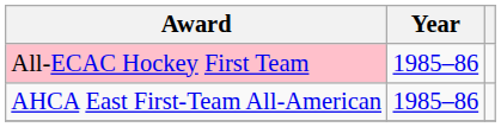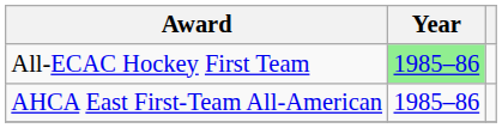 <table class="wikitable">
 <tr>
 <th>Award</th>
 <th>Year</th>
 <th></th>
 </tr>
 <tr>
-<td style="background: pink;">All-<a href='#'>ECAC Hockey</a> <a href='#'>First Team</a></td>
-<td><a href='#'>1985–86</a></td>
+<td>All-<a href='#'>ECAC Hockey</a> <a href='#'>First Team</a></td>
+<td style="background: lightgreen;"><a href='#'>1985–86</a></td>
 <td></td>
 </tr>
 <tr>
 <td><a href='#'>AHCA</a> <a href='#'>East First-Team All-American</a></td>
 <td><a href='#'>1985–86</a></td>
 <td></td>
 </tr>
 <tr>
 </tr>
 </table>
